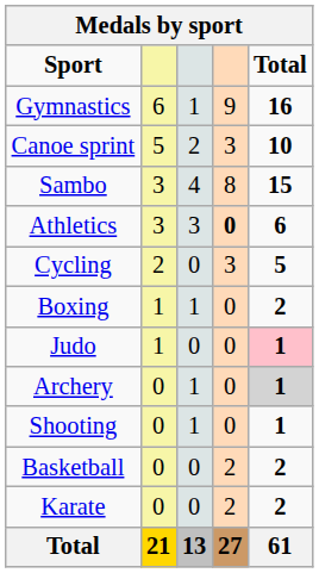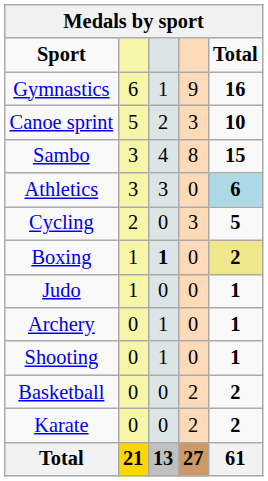 <table class="wikitable" style="font-size:85%">
 <tr style="background:#efefef;">
 <th colspan=5><strong>Medals by sport</strong></th>
 </tr>
 <tr align=center>
 <td><strong>Sport</strong></td>
 <td bgcolor=#f7f6a8></td>
 <td bgcolor=#dce5e5></td>
 <td bgcolor=#ffdab9></td>
 <td><strong>Total</strong></td>
 </tr>
 <tr align=center>
 <td><a href='#'>Gymnastics</a></td>
 <td style="background:#F7F6A8;">6</td>
 <td style="background:#DCE5E5;">1</td>
 <td style="background:#FFDAB9;">9</td>
 <td><strong>16</strong></td>
 </tr>
 <tr align=center>
 <td><a href='#'>Canoe sprint</a></td>
 <td style="background:#F7F6A8;">5</td>
 <td style="background:#DCE5E5;">2</td>
 <td style="background:#FFDAB9;">3</td>
 <td><strong>10</strong></td>
 </tr>
 <tr align=center>
 <td><a href='#'>Sambo</a></td>
 <td style="background:#F7F6A8;">3</td>
 <td style="background:#DCE5E5;">4</td>
 <td style="background:#FFDAB9;">8</td>
 <td><strong>15</strong></td>
 </tr>
 <tr align=center>
 <td><a href='#'>Athletics</a></td>
 <td style="background:#F7F6A8;">3</td>
 <td style="background:#DCE5E5;">3</td>
-<td style="background:#FFDAB9;"><strong>0</strong></td>
-<td><strong>6</strong></td>
+<td style="background:#FFDAB9;">0</td>
+<td style="background: lightblue;"><strong>6</strong></td>
 </tr>
 <tr align=center>
 <td><a href='#'>Cycling</a></td>
 <td style="background:#F7F6A8;">2</td>
 <td style="background:#DCE5E5;">0</td>
 <td style="background:#FFDAB9;">3</td>
 <td><strong>5</strong></td>
 </tr>
 <tr align=center>
 <td><a href='#'>Boxing</a></td>
 <td style="background:#F7F6A8;">1</td>
-<td style="background:#DCE5E5;">1</td>
+<td style="background:#DCE5E5;"><strong>1</strong></td>
 <td style="background:#FFDAB9;">0</td>
-<td><strong>2</strong></td>
+<td style="background: khaki;"><strong>2</strong></td>
 </tr>
 <tr align=center>
 <td><a href='#'>Judo</a></td>
 <td style="background:#F7F6A8;">1</td>
 <td style="background:#DCE5E5;">0</td>
 <td style="background:#FFDAB9;">0</td>
-<td style="background: pink;"><strong>1</strong></td>
+<td><strong>1</strong></td>
 </tr>
 <tr align=center>
 <td><a href='#'>Archery</a></td>
 <td style="background:#F7F6A8;">0</td>
 <td style="background:#DCE5E5;">1</td>
 <td style="background:#FFDAB9;">0</td>
-<td style="background: lightgrey;"><strong>1</strong></td>
+<td><strong>1</strong></td>
 </tr>
 <tr align=center>
 <td><a href='#'>Shooting</a></td>
 <td style="background:#F7F6A8;">0</td>
 <td style="background:#DCE5E5;">1</td>
 <td style="background:#FFDAB9;">0</td>
 <td><strong>1</strong></td>
 </tr>
 <tr align=center>
 <td><a href='#'>Basketball</a></td>
 <td style="background:#F7F6A8;">0</td>
 <td style="background:#DCE5E5;">0</td>
 <td style="background:#FFDAB9;">2</td>
 <td><strong>2</strong></td>
 </tr>
 <tr align=center>
 <td><a href='#'>Karate</a></td>
 <td style="background:#F7F6A8;">0</td>
 <td style="background:#DCE5E5;">0</td>
 <td style="background:#FFDAB9;">2</td>
 <td><strong>2</strong></td>
 </tr>
 <tr align=center>
 <th><strong>Total</strong></th>
 <th style="background:gold;"><strong>21</strong></th>
 <th style="background:silver;"><strong>13</strong></th>
 <th style="background:#c96;"><strong>27</strong></th>
 <th><strong>61</strong></th>
 </tr>
 </table>
